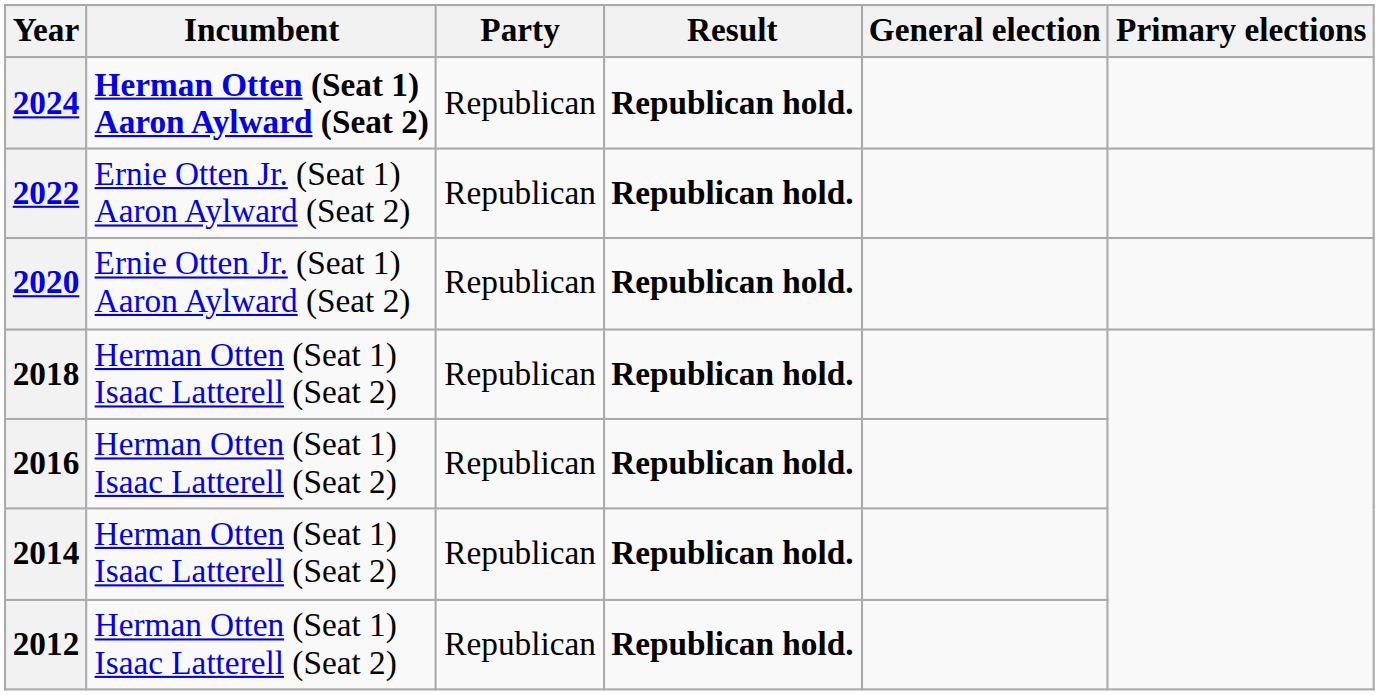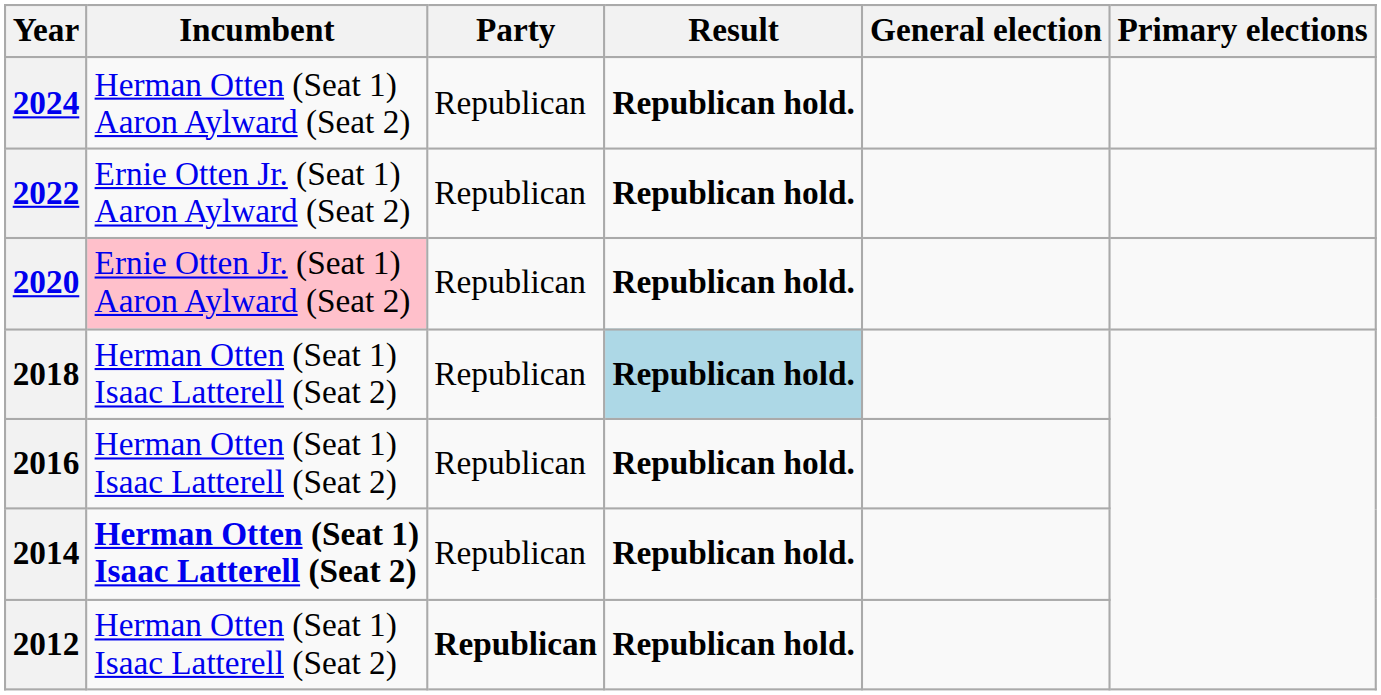 <table class=wikitable>
 <tr valign=bottom>
 <th>Year</th>
 <th>Incumbent</th>
 <th>Party</th>
 <th>Result</th>
 <th>General election</th>
 <th>Primary elections</th>
 </tr>
 <tr>
 <th><a href='#'>2024</a></th>
-<td><strong><a href='#'>Herman Otten</a> (Seat 1) <br> <a href='#'>Aaron Aylward</a> (Seat 2)</strong></td>
+<td><a href='#'>Herman Otten</a> (Seat 1) <br> <a href='#'>Aaron Aylward</a> (Seat 2)</td>
 <td>Republican</td>
 <td><strong>Republican hold.</strong></td>
 <td nowrap></td>
 <td nowrap></td>
 </tr>
 <tr>
 <th><a href='#'>2022</a></th>
 <td><a href='#'>Ernie Otten Jr.</a> (Seat 1) <br> <a href='#'>Aaron Aylward</a> (Seat 2)</td>
 <td>Republican</td>
 <td><strong>Republican hold.</strong></td>
 <td nowrap></td>
 </tr>
 <tr>
 <th><a href='#'>2020</a></th>
-<td><a href='#'>Ernie Otten Jr.</a> (Seat 1)<br> <a href='#'>Aaron Aylward</a> (Seat 2)</td>
+<td style="background: pink;"><a href='#'>Ernie Otten Jr.</a> (Seat 1)<br> <a href='#'>Aaron Aylward</a> (Seat 2)</td>
 <td>Republican</td>
 <td><strong>Republican hold.</strong></td>
 <td nowrap></td>
 <td nowrap></td>
 </tr>
 <tr>
 <th>2018</th>
 <td><a href='#'>Herman Otten</a> (Seat 1) <br> <a href='#'>Isaac Latterell</a> (Seat 2)</td>
 <td>Republican</td>
-<td><strong>Republican hold.</strong></td>
+<td style="background: lightblue;"><strong>Republican hold.</strong></td>
 <td nowrap></td>
 </tr>
 <tr>
 <th>2016</th>
 <td><a href='#'>Herman Otten</a> (Seat 1) <br> <a href='#'>Isaac Latterell</a> (Seat 2)</td>
 <td>Republican</td>
 <td><strong>Republican hold.</strong></td>
 <td nowrap></td>
 </tr>
 <tr>
 <th>2014</th>
-<td><a href='#'>Herman Otten</a> (Seat 1) <br> <a href='#'>Isaac Latterell</a> (Seat 2)</td>
+<td><strong><a href='#'>Herman Otten</a> (Seat 1) <br> <a href='#'>Isaac Latterell</a> (Seat 2)</strong></td>
 <td>Republican</td>
 <td><strong>Republican hold.</strong></td>
 <td nowrap></td>
 </tr>
 <tr>
 <th>2012</th>
 <td><a href='#'>Herman Otten</a> (Seat 1) <br> <a href='#'>Isaac Latterell</a> (Seat 2)</td>
-<td>Republican</td>
+<td><strong>Republican</strong></td>
 <td><strong>Republican hold.</strong></td>
 <td nowrap></td>
 </tr>
 </table>
